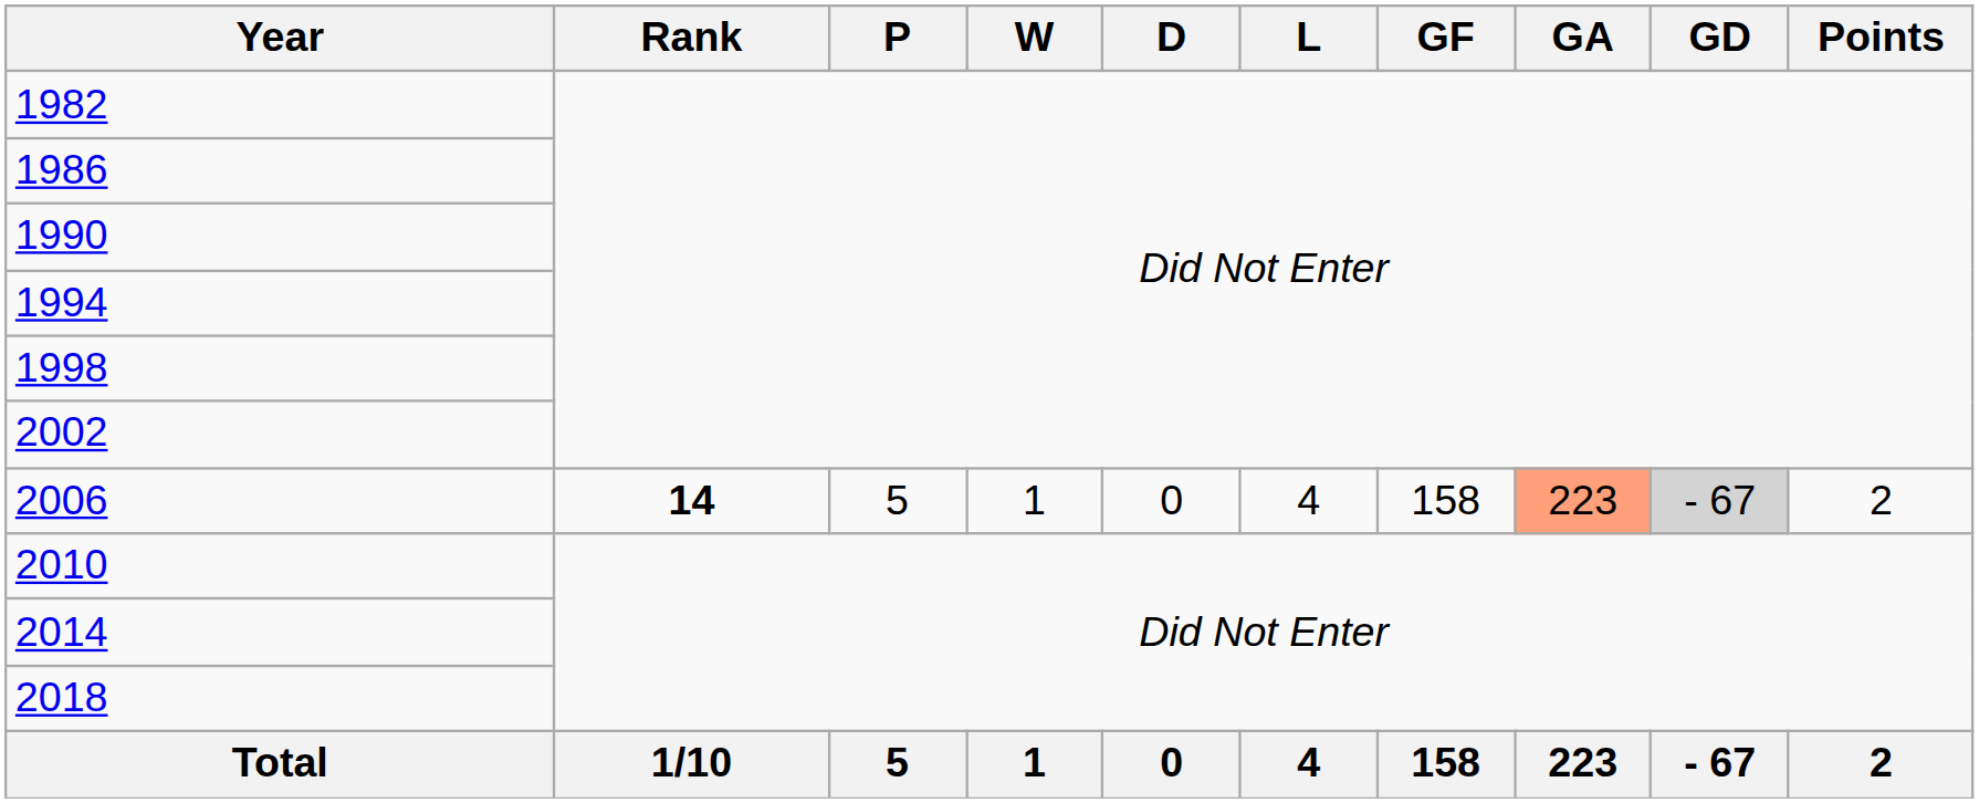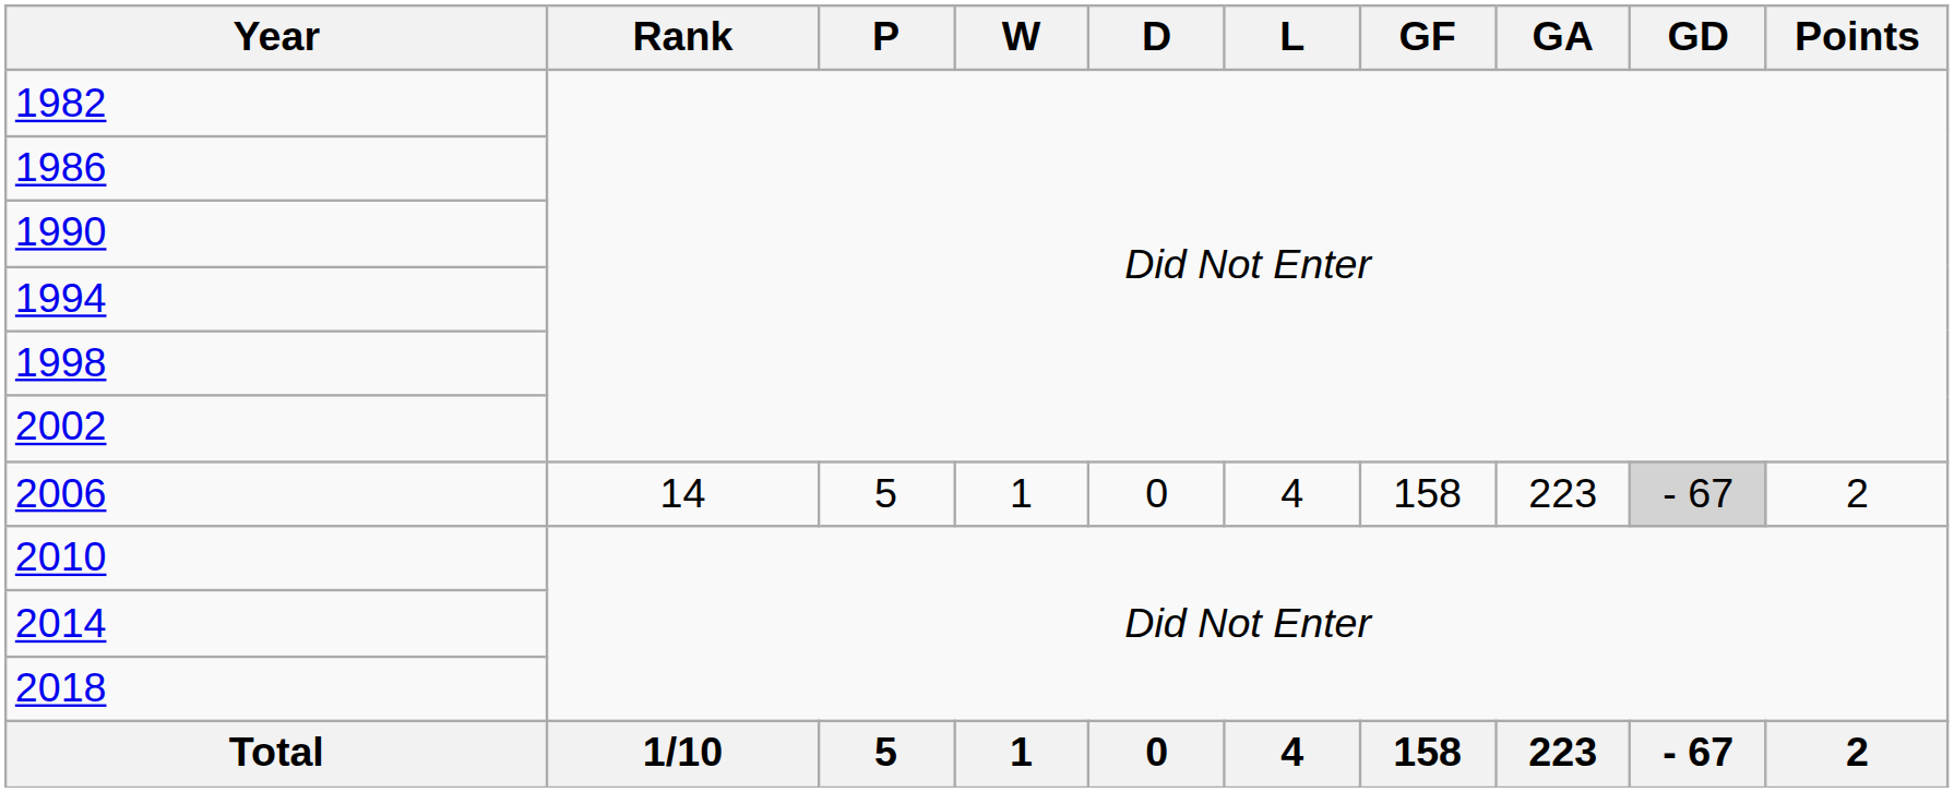 <table class="wikitable sortable" width=60% style="text-align:center">
 <tr>
 <th width=20%>Year</th>
 <th width=10%>Rank</th>
 <th width=5%>P</th>
 <th width=5%>W</th>
 <th width=5%>D</th>
 <th width=5%>L</th>
 <th width=5%>GF</th>
 <th width=5%>GA</th>
 <th width=5%>GD</th>
 <th width=5%>Points</th>
 </tr>
 <tr>
 <td align=left><a href='#'>1982</a> </td>
 <td colspan=9 rowspan=6><em>Did Not Enter</em></td>
 </tr>
 <tr>
 <td align=left><a href='#'>1986</a> </td>
 </tr>
 <tr>
 <td align=left><a href='#'>1990</a> </td>
 </tr>
 <tr>
 <td align=left><a href='#'>1994</a> </td>
 </tr>
 <tr>
 <td align=left><a href='#'>1998</a> </td>
 </tr>
 <tr>
 <td align=left><a href='#'>2002</a> </td>
 </tr>
 <tr>
 <td align=left><a href='#'>2006</a> </td>
-<td><strong>14</strong></td>
+<td>14</td>
 <td>5</td>
 <td>1</td>
 <td>0</td>
 <td>4</td>
 <td>158</td>
-<td style="background: lightsalmon;">223</td>
+<td>223</td>
 <td style="background: lightgrey;">- 67</td>
 <td>2</td>
 </tr>
 <tr>
 <td align=left><a href='#'>2010</a> </td>
 <td colspan=9 rowspan=3><em>Did Not Enter</em></td>
 </tr>
 <tr>
 <td align=left><a href='#'>2014</a> </td>
 </tr>
 <tr>
 <td align=left><a href='#'>2018</a> </td>
 </tr>
 <tr>
 <th align=center colspan="1">Total</th>
 <th>1/10</th>
 <th>5</th>
 <th>1</th>
 <th>0</th>
 <th>4</th>
 <th>158</th>
 <th>223</th>
 <th>- 67</th>
 <th>2</th>
 </tr>
 </table>
